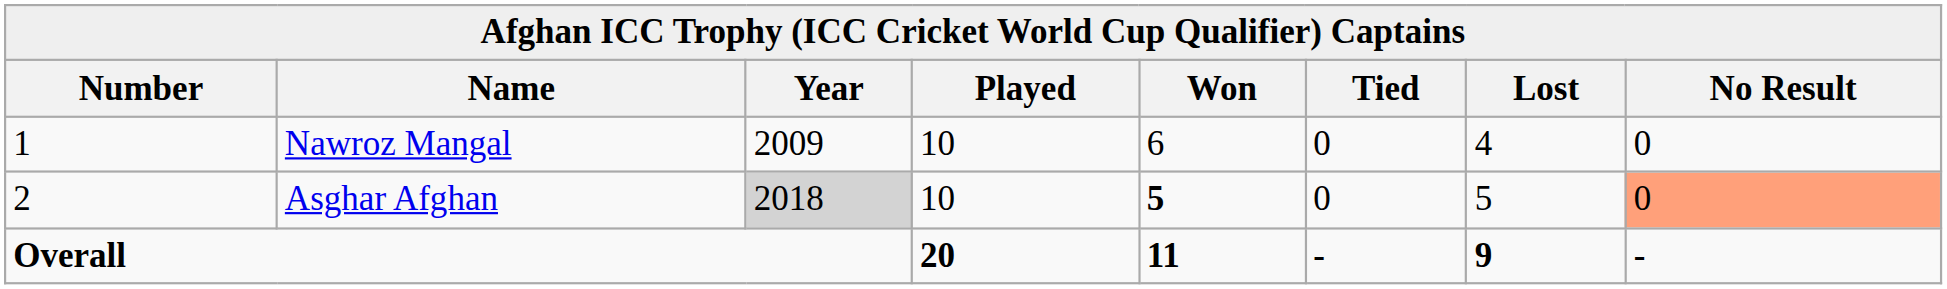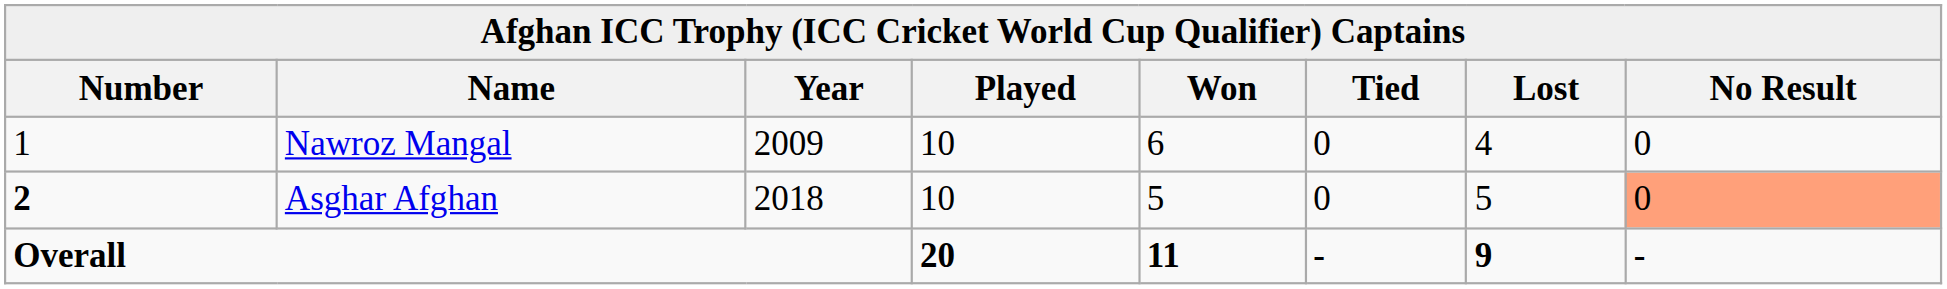 <table class="wikitable" style="width:70%;">
 <tr>
 <th style="background:#efefef;" colspan="9">Afghan ICC Trophy (ICC Cricket World Cup Qualifier) Captains</th>
 </tr>
 <tr style="background:#efefef;">
 <th>Number</th>
 <th>Name</th>
 <th>Year</th>
 <th>Played</th>
 <th>Won</th>
 <th>Tied</th>
 <th>Lost</th>
 <th>No Result</th>
 </tr>
 <tr>
 <td>1</td>
 <td><a href='#'>Nawroz Mangal</a></td>
 <td>2009</td>
 <td>10</td>
 <td>6</td>
 <td>0</td>
 <td>4</td>
 <td>0</td>
 </tr>
 <tr>
-<td>2</td>
+<td><strong>2</strong></td>
 <td><a href='#'>Asghar Afghan</a></td>
-<td style="background: lightgrey;">2018</td>
+<td>2018</td>
 <td>10</td>
-<td><strong>5</strong></td>
+<td>5</td>
 <td>0</td>
 <td>5</td>
 <td style="background: lightsalmon;">0</td>
 </tr>
 <tr>
 <td colspan=3><strong>Overall</strong></td>
 <td><strong>20</strong></td>
 <td><strong>11</strong></td>
 <td><strong>-</strong></td>
 <td><strong>9</strong></td>
 <td><strong>-</strong></td>
 </tr>
 </table>
